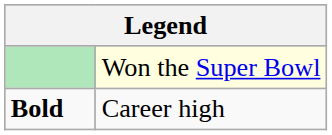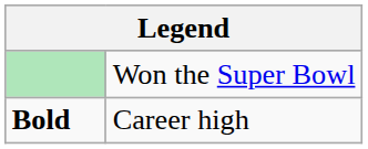 <table class="wikitable mw-collapsible mw-collapsed">
 <tr>
 <th colspan="3">Legend</th>
 </tr>
 <tr>
 <td style="background:#afe6ba; width:3em;"></td>
-<td style="background: lightyellow;">Won the <a href='#'>Super Bowl</a></td>
+<td>Won the <a href='#'>Super Bowl</a></td>
 </tr>
 <tr>
 <td><strong>Bold</strong></td>
 <td>Career high</td>
 </tr>
 </table>
